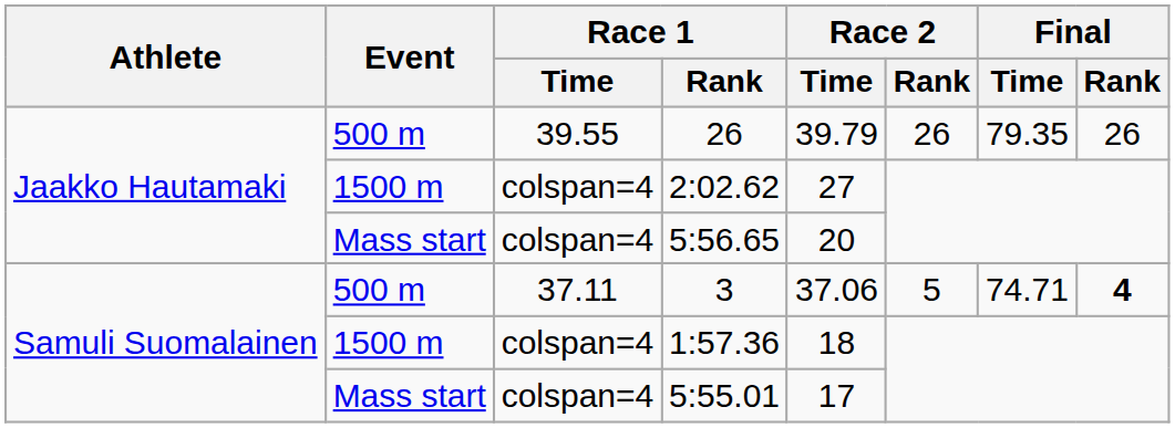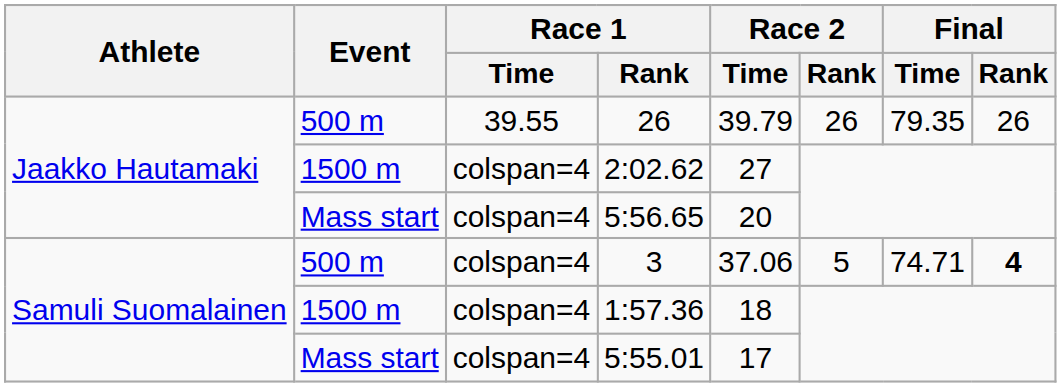 <table class="wikitable" style="font-size:90%">
 <tr>
 <th rowspan=2>Athlete</th>
 <th rowspan=2>Event</th>
 <th colspan=2>Race 1</th>
 <th colspan=2>Race 2</th>
 <th colspan=2>Final</th>
 </tr>
 <tr style="font-size:95%">
 <th>Time</th>
 <th>Rank</th>
 <th>Time</th>
 <th>Rank</th>
 <th>Time</th>
 <th>Rank</th>
 </tr>
 <tr align=center>
 <td align=left rowspan=3><a href='#'>Jaakko Hautamaki</a></td>
 <td align=left><a href='#'>500 m</a></td>
 <td>39.55</td>
 <td>26</td>
 <td>39.79</td>
 <td>26</td>
 <td>79.35</td>
 <td>26</td>
 </tr>
 <tr align=center>
 <td align=left><a href='#'>1500 m</a></td>
 <td>colspan=4 </td>
 <td>2:02.62</td>
 <td>27</td>
 </tr>
 <tr align=center>
 <td align=left><a href='#'>Mass start</a></td>
 <td>colspan=4 </td>
 <td>5:56.65</td>
 <td>20</td>
 </tr>
 <tr align=center>
 <td align=left rowspan=3><a href='#'>Samuli Suomalainen</a></td>
 <td align=left><a href='#'>500 m</a></td>
-<td>37.11</td>
+<td>colspan=4 </td>
 <td>3</td>
 <td>37.06</td>
 <td>5</td>
 <td>74.71</td>
 <td><strong>4</strong></td>
 </tr>
 <tr align=center>
 <td align=left><a href='#'>1500 m</a></td>
 <td>colspan=4 </td>
 <td>1:57.36</td>
 <td>18</td>
 </tr>
 <tr align=center>
 <td align=left><a href='#'>Mass start</a></td>
 <td>colspan=4 </td>
 <td>5:55.01</td>
 <td>17</td>
 </tr>
 </table>
